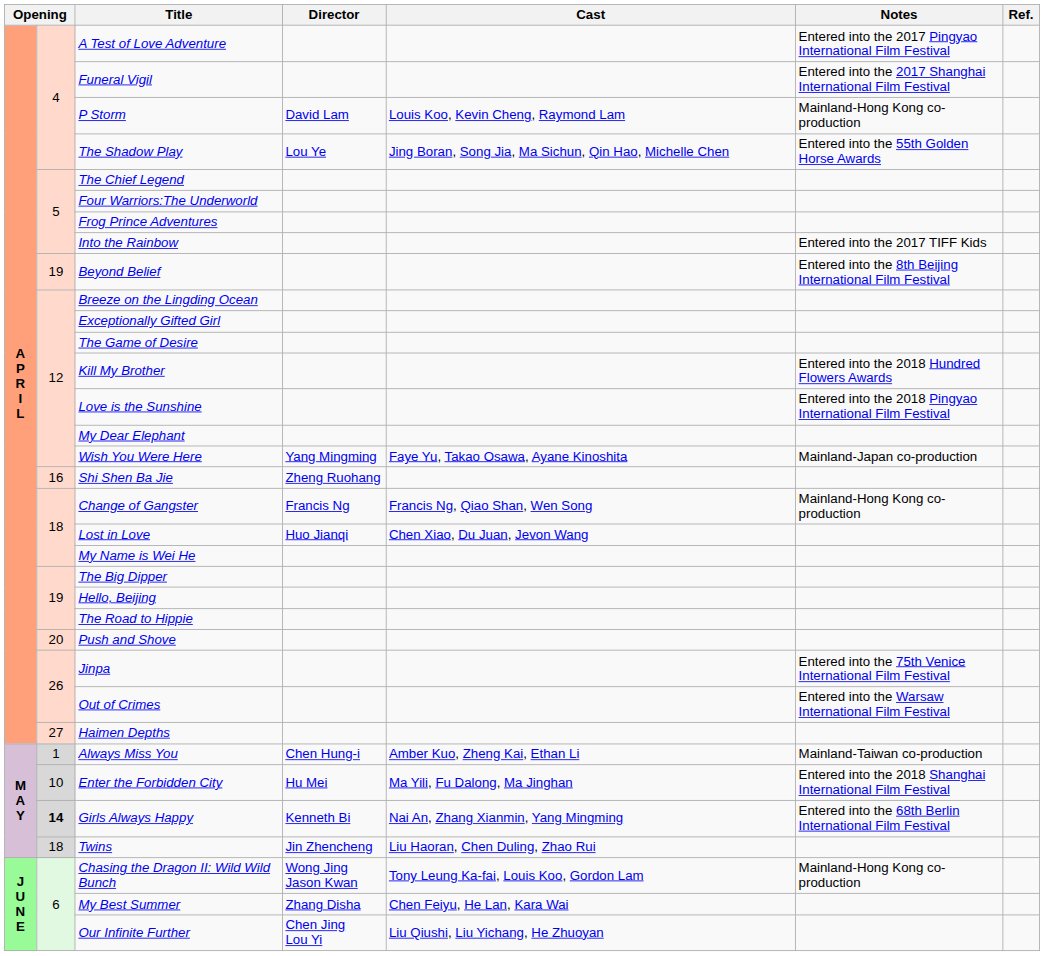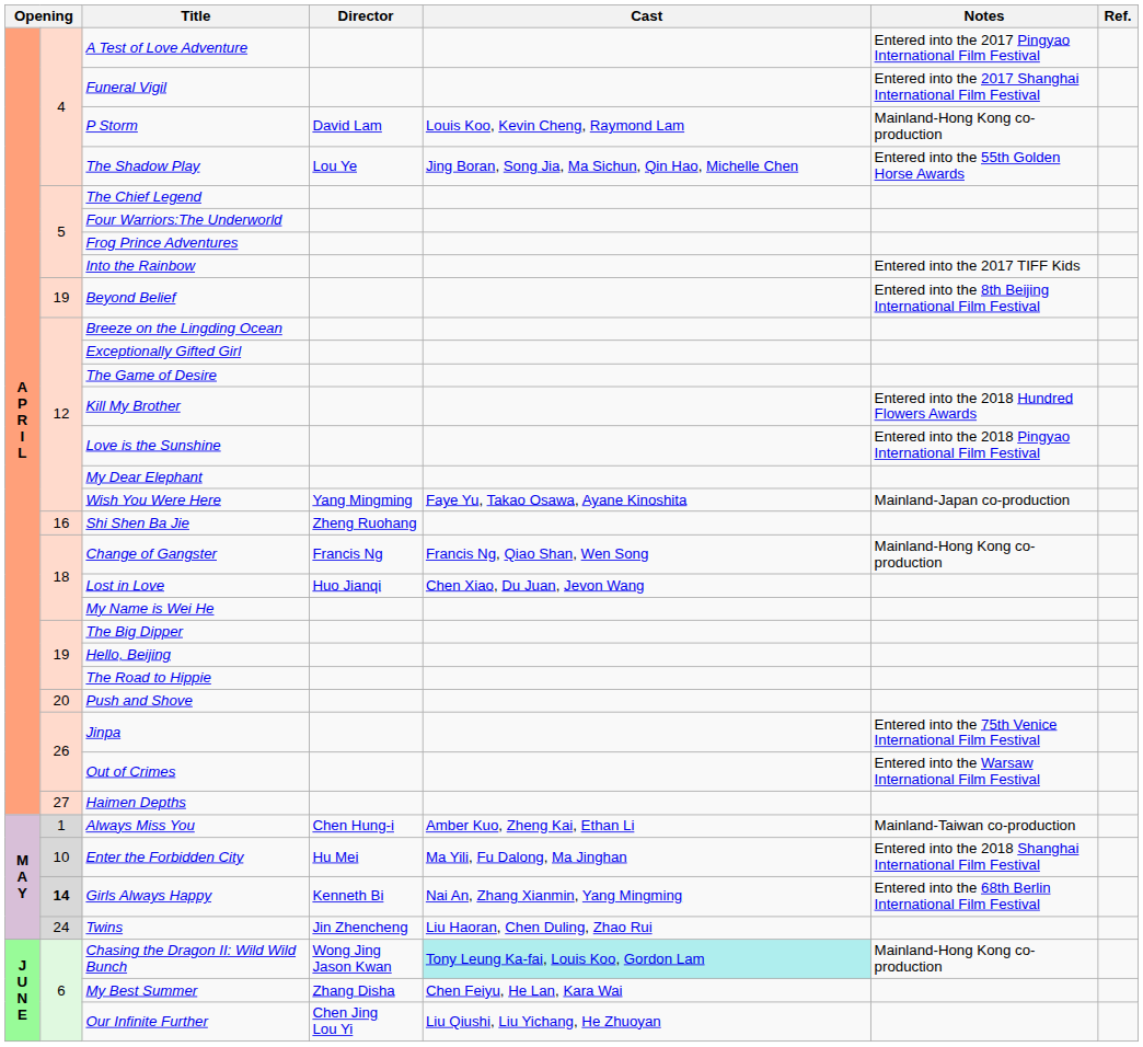 <table class="wikitable">
 <tr>
 <th colspan="2">Opening</th>
 <th style="width:20%;">Title</th>
 <th style="width:10%;">Director</th>
 <th>Cast</th>
 <th style="width:20%">Notes</th>
 <th>Ref.</th>
 </tr>
 <tr>
 <th rowspan=27 style="text-align:center; background:#ffa07a; textcolor:#000;">A<br>P<br>R<br>I<br>L</th>
 <td rowspan=4 style="text-align:center; background:#ffdacc; textcolor:#000;">4</td>
 <td><em><a href='#'>A Test of Love Adventure</a></em></td>
 <td></td>
 <td></td>
 <td>Entered into the 2017 <a href='#'>Pingyao International Film Festival</a></td>
 <td style="text-align:center;"></td>
 </tr>
 <tr>
 <td><em><a href='#'>Funeral Vigil</a></em></td>
 <td></td>
 <td></td>
 <td>Entered into the <a href='#'>2017 Shanghai International Film Festival</a></td>
 <td style="text-align:center;"></td>
 </tr>
 <tr>
 <td><em><a href='#'>P Storm</a></em></td>
 <td><a href='#'>David Lam</a></td>
 <td><a href='#'>Louis Koo</a>, <a href='#'>Kevin Cheng</a>, <a href='#'>Raymond Lam</a></td>
 <td>Mainland-Hong Kong co-production</td>
 <td style="text-align:center;"></td>
 </tr>
 <tr>
 <td><em><a href='#'>The Shadow Play</a></em></td>
 <td><a href='#'>Lou Ye</a></td>
 <td><a href='#'>Jing Boran</a>, <a href='#'>Song Jia</a>, <a href='#'>Ma Sichun</a>, <a href='#'>Qin Hao</a>, <a href='#'>Michelle Chen</a></td>
 <td>Entered into the <a href='#'>55th Golden Horse Awards</a></td>
 <td style="text-align:center;"></td>
 </tr>
 <tr>
 <td rowspan=4 style="text-align:center; background:#ffdacc; textcolor:#000;">5</td>
 <td><em><a href='#'>The Chief Legend</a></em></td>
 <td></td>
 <td></td>
 <td></td>
 <td style="text-align:center;"></td>
 </tr>
 <tr>
 <td><em><a href='#'>Four Warriors:The Underworld</a></em></td>
 <td></td>
 <td></td>
 <td></td>
 <td style="text-align:center;"></td>
 </tr>
 <tr>
 <td><em><a href='#'>Frog Prince Adventures</a></em></td>
 <td></td>
 <td></td>
 <td></td>
 <td style="text-align:center;"></td>
 </tr>
 <tr>
 <td><em><a href='#'>Into the Rainbow</a></em></td>
 <td></td>
 <td></td>
 <td>Entered into the 2017 TIFF Kids</td>
 <td style="text-align:center;"></td>
 </tr>
 <tr>
 <td rowspan=1 style="text-align:center; background:#ffdacc; textcolor:#000;">19</td>
 <td><em><a href='#'>Beyond Belief</a></em></td>
 <td></td>
 <td></td>
 <td>Entered into the <a href='#'>8th Beijing International Film Festival</a></td>
 <td style="text-align:center;"></td>
 </tr>
 <tr>
 <td rowspan=7 style="text-align:center; background:#ffdacc; textcolor:#000;">12</td>
 <td><em><a href='#'>Breeze on the Lingding Ocean</a></em></td>
 <td></td>
 <td></td>
 <td></td>
 <td style="text-align:center;"></td>
 </tr>
 <tr>
 <td><em><a href='#'>Exceptionally Gifted Girl</a></em></td>
 <td></td>
 <td></td>
 <td></td>
 <td style="text-align:center;"></td>
 </tr>
 <tr>
 <td><em><a href='#'>The Game of Desire</a></em></td>
 <td></td>
 <td></td>
 <td></td>
 <td style="text-align:center;"></td>
 </tr>
 <tr>
 <td><em><a href='#'>Kill My Brother</a></em></td>
 <td></td>
 <td></td>
 <td>Entered into the 2018 <a href='#'>Hundred Flowers Awards</a></td>
 <td style="text-align:center;"></td>
 </tr>
 <tr>
 <td><em><a href='#'>Love is the Sunshine</a></em></td>
 <td></td>
 <td></td>
 <td>Entered into the 2018 <a href='#'>Pingyao International Film Festival</a></td>
 <td style="text-align:center;"></td>
 </tr>
 <tr>
 <td><em><a href='#'>My Dear Elephant</a></em></td>
 <td></td>
 <td></td>
 <td></td>
 <td style="text-align:center;"></td>
 </tr>
 <tr>
 <td><em><a href='#'>Wish You Were Here</a></em></td>
 <td><a href='#'>Yang Mingming</a></td>
 <td><a href='#'>Faye Yu</a>, <a href='#'>Takao Osawa</a>, <a href='#'>Ayane Kinoshita</a></td>
 <td>Mainland-Japan co-production</td>
 <td style="text-align:center;"></td>
 </tr>
 <tr>
 <td rowspan=1 style="text-align:center; background:#ffdacc; textcolor:#000;">16</td>
 <td><em><a href='#'>Shi Shen Ba Jie</a></em></td>
 <td><a href='#'>Zheng Ruohang</a></td>
 <td></td>
 <td></td>
 <td style="text-align:center;"></td>
 </tr>
 <tr>
 <td rowspan=3 style="text-align:center; background:#ffdacc; textcolor:#000;">18</td>
 <td><em><a href='#'>Change of Gangster</a></em></td>
 <td><a href='#'>Francis Ng</a></td>
 <td><a href='#'>Francis Ng</a>, <a href='#'>Qiao Shan</a>, <a href='#'>Wen Song</a></td>
 <td>Mainland-Hong Kong co-production</td>
 <td style="text-align:center;"></td>
 </tr>
 <tr>
 <td><em><a href='#'>Lost in Love</a></em></td>
 <td><a href='#'>Huo Jianqi</a></td>
 <td><a href='#'>Chen Xiao</a>, <a href='#'>Du Juan</a>, <a href='#'>Jevon Wang</a></td>
 <td></td>
 <td style="text-align:center;"></td>
 </tr>
 <tr>
 <td><em><a href='#'>My Name is Wei He</a></em></td>
 <td></td>
 <td></td>
 <td></td>
 <td style="text-align:center;"></td>
 </tr>
 <tr>
 <td rowspan=3 style="text-align:center; background:#ffdacc; textcolor:#000;">19</td>
 <td><em><a href='#'>The Big Dipper</a></em></td>
 <td></td>
 <td></td>
 <td></td>
 <td style="text-align:center;"></td>
 </tr>
 <tr>
 <td><em><a href='#'>Hello, Beijing</a></em></td>
 <td></td>
 <td></td>
 <td></td>
 <td style="text-align:center;"></td>
 </tr>
 <tr>
 <td><em><a href='#'>The Road to Hippie</a></em></td>
 <td></td>
 <td></td>
 <td></td>
 <td style="text-align:center;"></td>
 </tr>
 <tr>
 <td rowspan=1 style="text-align:center; background:#ffdacc; textcolor:#000;">20</td>
 <td><em><a href='#'>Push and Shove</a></em></td>
 <td></td>
 <td></td>
 <td></td>
 <td style="text-align:center;"></td>
 </tr>
 <tr>
 <td rowspan=2 style="text-align:center; background:#ffdacc; textcolor:#000;">26</td>
 <td><em><a href='#'>Jinpa</a></em></td>
 <td></td>
 <td></td>
 <td>Entered into the <a href='#'>75th Venice International Film Festival</a></td>
 <td style="text-align:center;"></td>
 </tr>
 <tr>
 <td><em><a href='#'>Out of Crimes</a></em></td>
 <td></td>
 <td></td>
 <td>Entered into the <a href='#'>Warsaw International Film Festival</a></td>
 <td style="text-align:center;"></td>
 </tr>
 <tr>
 <td rowspan=1 style="text-align:center; background:#ffdacc; textcolor:#000;">27</td>
 <td><em><a href='#'>Haimen Depths</a></em></td>
 <td></td>
 <td></td>
 <td></td>
 <td style="text-align:center;"></td>
 </tr>
 <tr>
 <td rowspan=4 style="text-align:center; background:thistle; textcolor:#000;"><strong>M<br>A<br>Y</strong></td>
 <td rowspan=1 style="text-align:center; background:#d8d8d8; textcolor:#000;">1</td>
 <td><em><a href='#'>Always Miss You</a></em></td>
 <td><a href='#'>Chen Hung-i</a></td>
 <td><a href='#'>Amber Kuo</a>, <a href='#'>Zheng Kai</a>, <a href='#'>Ethan Li</a></td>
 <td>Mainland-Taiwan co-production</td>
 <td style="text-align:center;"></td>
 </tr>
 <tr>
 <td rowspan=1 style="text-align:center; background:#d8d8d8; textcolor:#000;">10</td>
 <td><em><a href='#'>Enter the Forbidden City</a></em></td>
 <td><a href='#'>Hu Mei</a></td>
 <td><a href='#'>Ma Yili</a>, <a href='#'>Fu Dalong</a>, <a href='#'>Ma Jinghan</a></td>
 <td>Entered into the 2018 <a href='#'>Shanghai International Film Festival</a></td>
 <td style="text-align:center;"></td>
 </tr>
 <tr>
 <td rowspan=1 style="text-align:center; background:#d8d8d8; textcolor:#000;"><strong>14</strong></td>
 <td><em><a href='#'>Girls Always Happy</a></em></td>
 <td><a href='#'>Kenneth Bi</a></td>
 <td><a href='#'>Nai An</a>, <a href='#'>Zhang Xianmin</a>, <a href='#'>Yang Mingming</a></td>
 <td>Entered into the <a href='#'>68th Berlin International Film Festival</a></td>
 <td style="text-align:center;"></td>
 </tr>
 <tr>
-<td rowspan=1 style="text-align:center; background:#d8d8d8; textcolor:#000;">18</td>
+<td rowspan=1 style="text-align:center; background:#d8d8d8; textcolor:#000;">24</td>
 <td><em><a href='#'>Twins</a></em></td>
 <td><a href='#'>Jin Zhencheng</a></td>
 <td><a href='#'>Liu Haoran</a>, <a href='#'>Chen Duling</a>, <a href='#'>Zhao Rui</a></td>
 <td></td>
 <td style="text-align:center;"></td>
 </tr>
 <tr>
 <td rowspan=3 style="text-align:center; background:#98fb98; textcolor:#000;"><strong>J<br>U<br>N<br>E</strong></td>
 <td rowspan=3 style="text-align:center; background:#e0f9e0;">6</td>
 <td><em><a href='#'>Chasing the Dragon II: Wild Wild Bunch</a></em></td>
 <td><a href='#'>Wong Jing</a> <br> <a href='#'>Jason Kwan</a></td>
-<td><a href='#'>Tony Leung Ka-fai</a>, <a href='#'>Louis Koo</a>, <a href='#'>Gordon Lam</a></td>
+<td style="background: paleturquoise;"><a href='#'>Tony Leung Ka-fai</a>, <a href='#'>Louis Koo</a>, <a href='#'>Gordon Lam</a></td>
 <td>Mainland-Hong Kong co-production</td>
 <td style="text-align:center;"></td>
 </tr>
 <tr>
 <td><em><a href='#'>My Best Summer</a></em></td>
 <td><a href='#'>Zhang Disha</a></td>
 <td><a href='#'>Chen Feiyu</a>, <a href='#'>He Lan</a>, <a href='#'>Kara Wai</a></td>
 <td></td>
 <td style="text-align:center;"></td>
 </tr>
 <tr>
 <td><em><a href='#'>Our Infinite Further</a></em></td>
 <td><a href='#'>Chen Jing</a> <br> <a href='#'>Lou Yi</a></td>
 <td><a href='#'>Liu Qiushi</a>, <a href='#'>Liu Yichang</a>, <a href='#'>He Zhuoyan</a></td>
 <td></td>
 <td style="text-align:center;"></td>
 </tr>
 </table>
